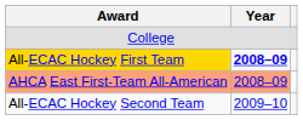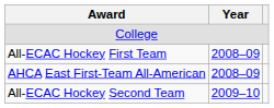 <table class="wikitable">
 <tr>
 <th>Award</th>
 <th>Year</th>
 <th></th>
 </tr>
 <tr ALIGN="center" bgcolor="#e0e0e0">
 <td colspan="3"><a href='#'>College</a></td>
 </tr>
 <tr>
-<td style="background: gold;">All-<a href='#'>ECAC Hockey</a> <a href='#'>First Team</a></td>
-<td><strong><a href='#'>2008–09</a></strong></td>
+<td>All-<a href='#'>ECAC Hockey</a> <a href='#'>First Team</a></td>
+<td><a href='#'>2008–09</a></td>
 <td></td>
 </tr>
 <tr>
-<td style="background: lightsalmon;"><a href='#'>AHCA</a> <a href='#'>East First-Team All-American</a></td>
-<td style="background: lightsalmon;"><a href='#'>2008–09</a></td>
+<td><a href='#'>AHCA</a> <a href='#'>East First-Team All-American</a></td>
+<td><a href='#'>2008–09</a></td>
 <td></td>
 </tr>
 <tr>
 <td>All-<a href='#'>ECAC Hockey</a> <a href='#'>Second Team</a></td>
 <td><a href='#'>2009–10</a></td>
 <td></td>
 </tr>
 </table>
